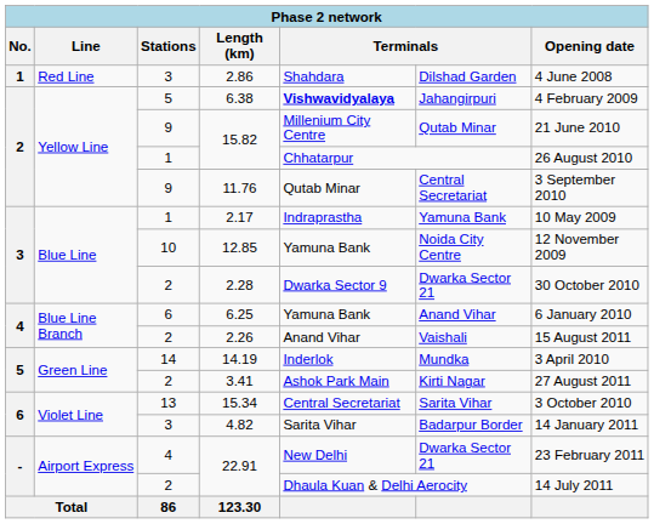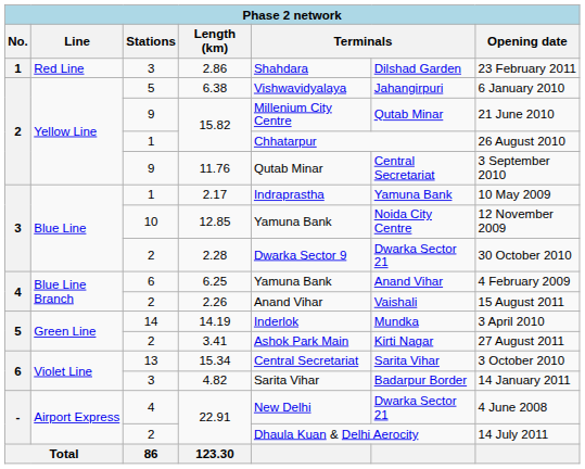 <table class="wikitable sortable" style="font-size:85%;margin:auto">
 <tr>
 <th colspan="7" style="background:#ADD8E6;">Phase 2 network</th>
 </tr>
 <tr>
 <th>No.</th>
 <th>Line</th>
 <th>Stations</th>
 <th>Length (km)</th>
 <th colspan="2">Terminals</th>
 <th>Opening date</th>
 </tr>
 <tr>
 <th>1</th>
 <td style="background:#"><a href='#'><span>Red Line</span></a></td>
 <td style="text-align:center;">3</td>
 <td style="text-align:center;">2.86</td>
 <td><a href='#'>Shahdara</a></td>
 <td><a href='#'>Dilshad Garden</a></td>
-<td>4 June 2008</td>
+<td>23 February 2011</td>
 </tr>
 <tr>
 <th rowspan="4">2</th>
 <td rowspan="4" style="background:#"><a href='#'><span>Yellow Line</span></a></td>
 <td style="text-align:center;">5</td>
 <td style="text-align:center;">6.38</td>
-<td><strong><a href='#'>Vishwavidyalaya</a></strong></td>
+<td><a href='#'>Vishwavidyalaya</a></td>
 <td><a href='#'>Jahangirpuri</a></td>
-<td>4 February 2009</td>
+<td>6 January 2010</td>
 </tr>
 <tr>
 <td style="text-align:center;">9</td>
 <td rowspan="2" style="text-align:center;">15.82</td>
 <td><a href='#'>Millenium City Centre</a></td>
 <td><a href='#'>Qutab Minar</a></td>
 <td>21 June 2010</td>
 </tr>
 <tr>
 <td style="text-align:center;">1</td>
 <td colspan="2"><a href='#'>Chhatarpur</a></td>
 <td>26 August 2010</td>
 </tr>
 <tr>
 <td style="text-align:center;">9</td>
 <td style="text-align:center;">11.76</td>
 <td>Qutab Minar</td>
 <td><a href='#'>Central Secretariat</a></td>
 <td>3 September 2010</td>
 </tr>
 <tr>
 <th rowspan="3">3</th>
 <td rowspan="3" style="background:#"><a href='#'><span>Blue Line</span></a></td>
 <td style="text-align:center;">1</td>
 <td style="text-align:center;">2.17</td>
 <td><a href='#'>Indraprastha</a></td>
 <td><a href='#'>Yamuna Bank</a></td>
 <td>10 May 2009</td>
 </tr>
 <tr>
 <td style="text-align:center;">10</td>
 <td style="text-align:center;">12.85</td>
 <td>Yamuna Bank</td>
 <td><a href='#'>Noida City Centre</a></td>
 <td>12 November 2009</td>
 </tr>
 <tr>
 <td style="text-align:center;">2</td>
 <td style="text-align:center;">2.28</td>
 <td><a href='#'>Dwarka Sector 9</a></td>
 <td><a href='#'>Dwarka Sector 21</a></td>
 <td>30 October 2010</td>
 </tr>
 <tr>
 <th rowspan="2">4</th>
 <td rowspan="2" style="background:#"><a href='#'><span>Blue Line Branch</span></a></td>
 <td style="text-align:center;">6</td>
 <td style="text-align:center;">6.25</td>
 <td>Yamuna Bank</td>
 <td><a href='#'>Anand Vihar</a></td>
-<td>6 January 2010</td>
+<td>4 February 2009</td>
 </tr>
 <tr>
 <td style="text-align:center;">2</td>
 <td style="text-align:center;">2.26</td>
 <td>Anand Vihar</td>
 <td><a href='#'>Vaishali</a></td>
 <td>15 August 2011</td>
 </tr>
 <tr>
 <th rowspan="2">5</th>
 <td rowspan="2" style="background:#"><a href='#'><span>Green Line</span></a></td>
 <td style="text-align:center;">14</td>
 <td style="text-align:center;">14.19</td>
 <td><a href='#'>Inderlok</a></td>
 <td><a href='#'>Mundka</a></td>
 <td>3 April 2010</td>
 </tr>
 <tr>
 <td style="text-align:center;">2</td>
 <td style="text-align:center;">3.41</td>
 <td><a href='#'>Ashok Park Main</a></td>
 <td><a href='#'>Kirti Nagar</a></td>
 <td>27 August 2011</td>
 </tr>
 <tr>
 <th rowspan="2">6</th>
 <td rowspan="2" style="background:#"><a href='#'><span>Violet Line</span></a></td>
 <td style="text-align:center;">13</td>
 <td style="text-align:center;">15.34</td>
 <td><a href='#'>Central Secretariat</a></td>
 <td><a href='#'>Sarita Vihar</a></td>
 <td>3 October 2010</td>
 </tr>
 <tr>
 <td style="text-align:center;">3</td>
 <td style="text-align:center;">4.82</td>
 <td>Sarita Vihar</td>
 <td><a href='#'>Badarpur Border</a></td>
 <td>14 January 2011</td>
 </tr>
 <tr>
 <th rowspan="2">-</th>
 <td rowspan="2" style="background:#"><a href='#'><span>Airport Express</span></a></td>
 <td style="text-align:center;">4</td>
 <td rowspan="2" style="text-align:center;">22.91</td>
 <td><a href='#'>New Delhi</a></td>
 <td><a href='#'>Dwarka Sector 21</a></td>
-<td>23 February 2011</td>
+<td>4 June 2008</td>
 </tr>
 <tr>
 <td style="text-align:center;">2</td>
 <td colspan="2"><a href='#'>Dhaula Kuan</a> & <a href='#'>Delhi Aerocity</a></td>
 <td>14 July 2011</td>
 </tr>
 <tr>
 <th colspan="2">Total</th>
 <th>86</th>
 <th>123.30</th>
 <th></th>
 <th></th>
 <th></th>
 </tr>
 </table>
